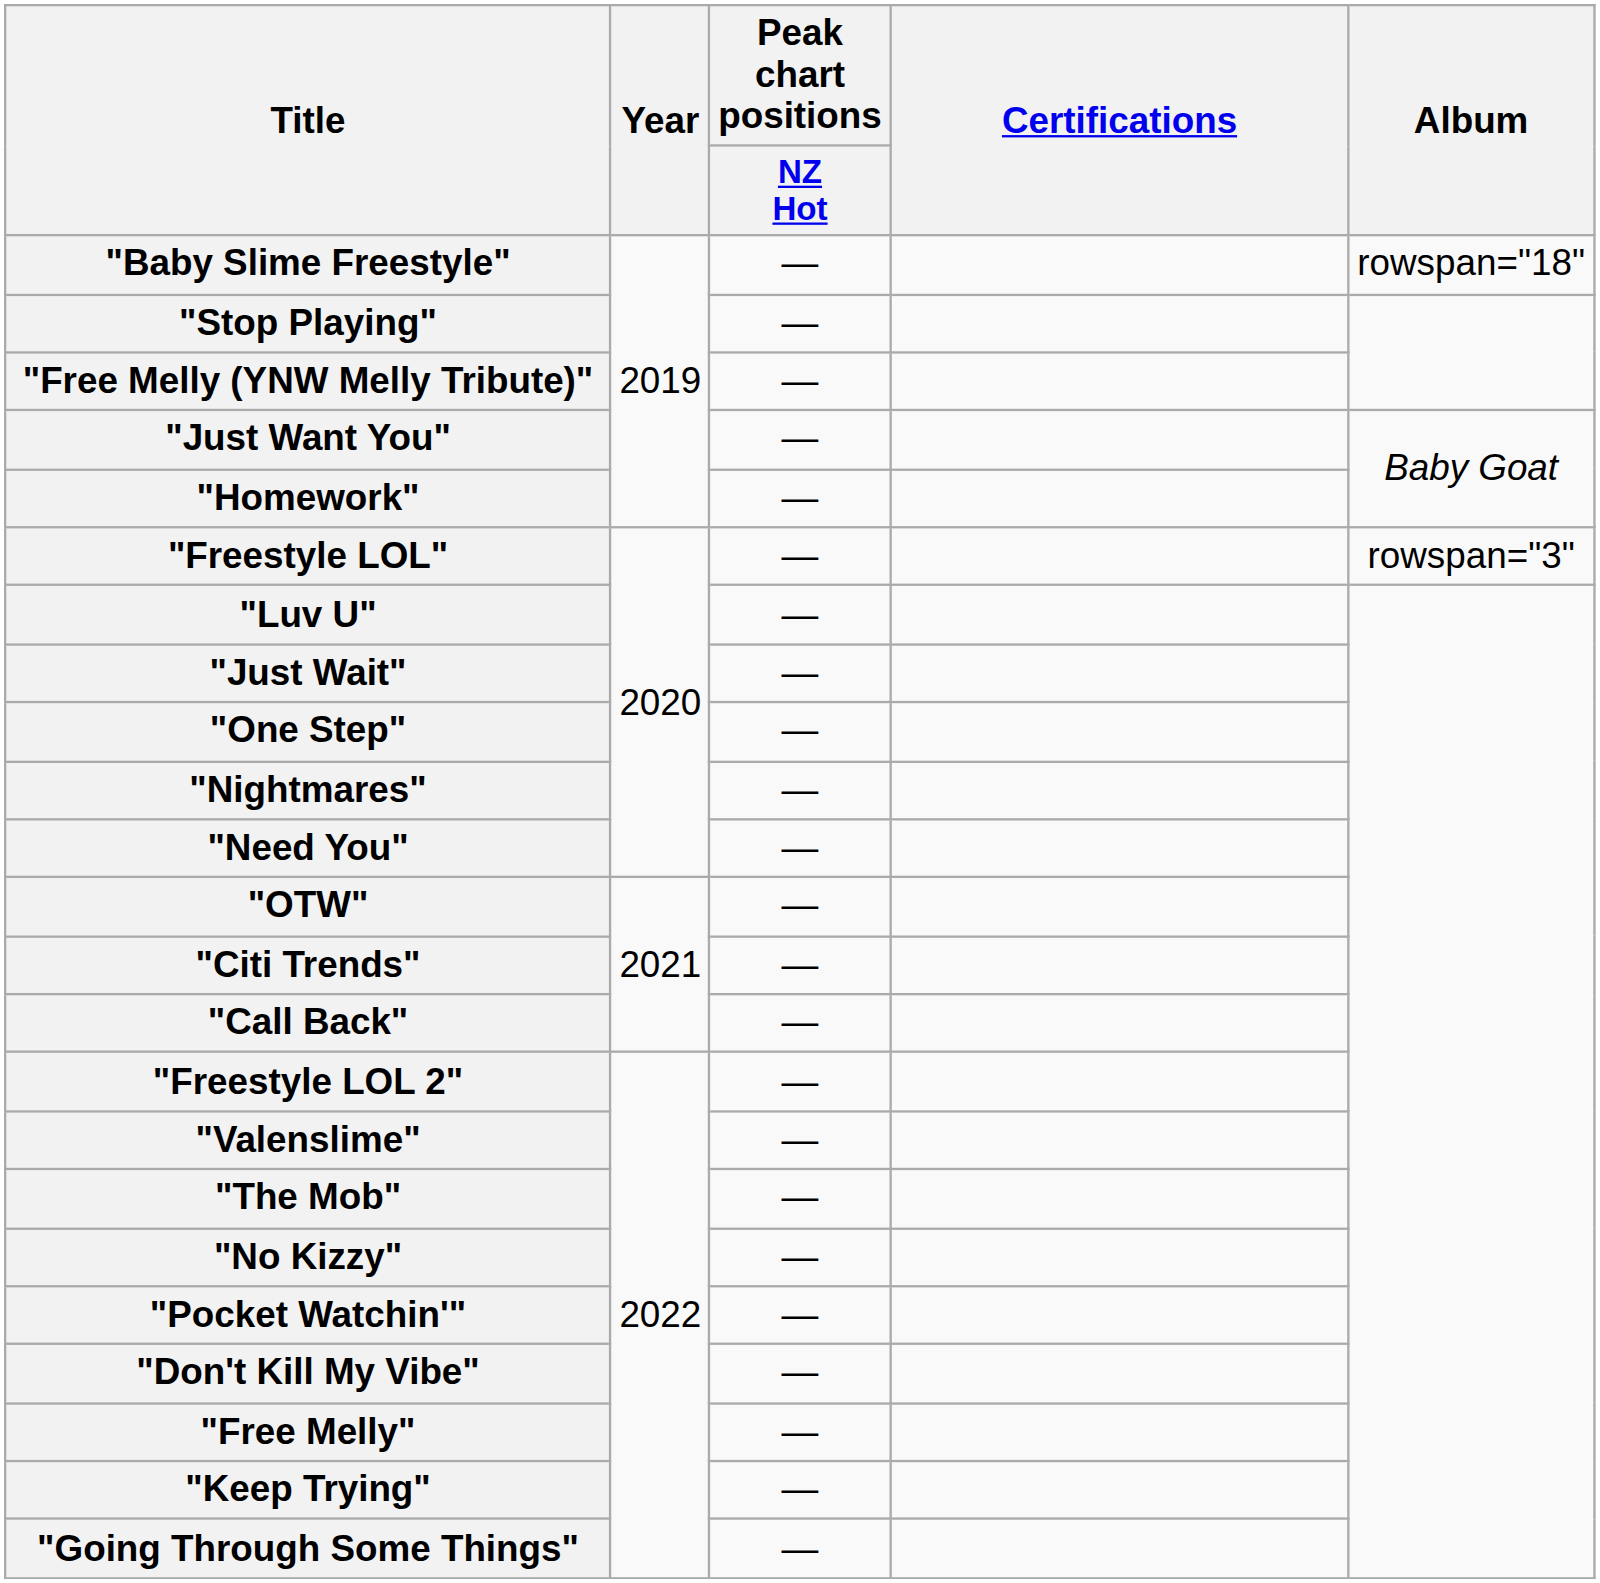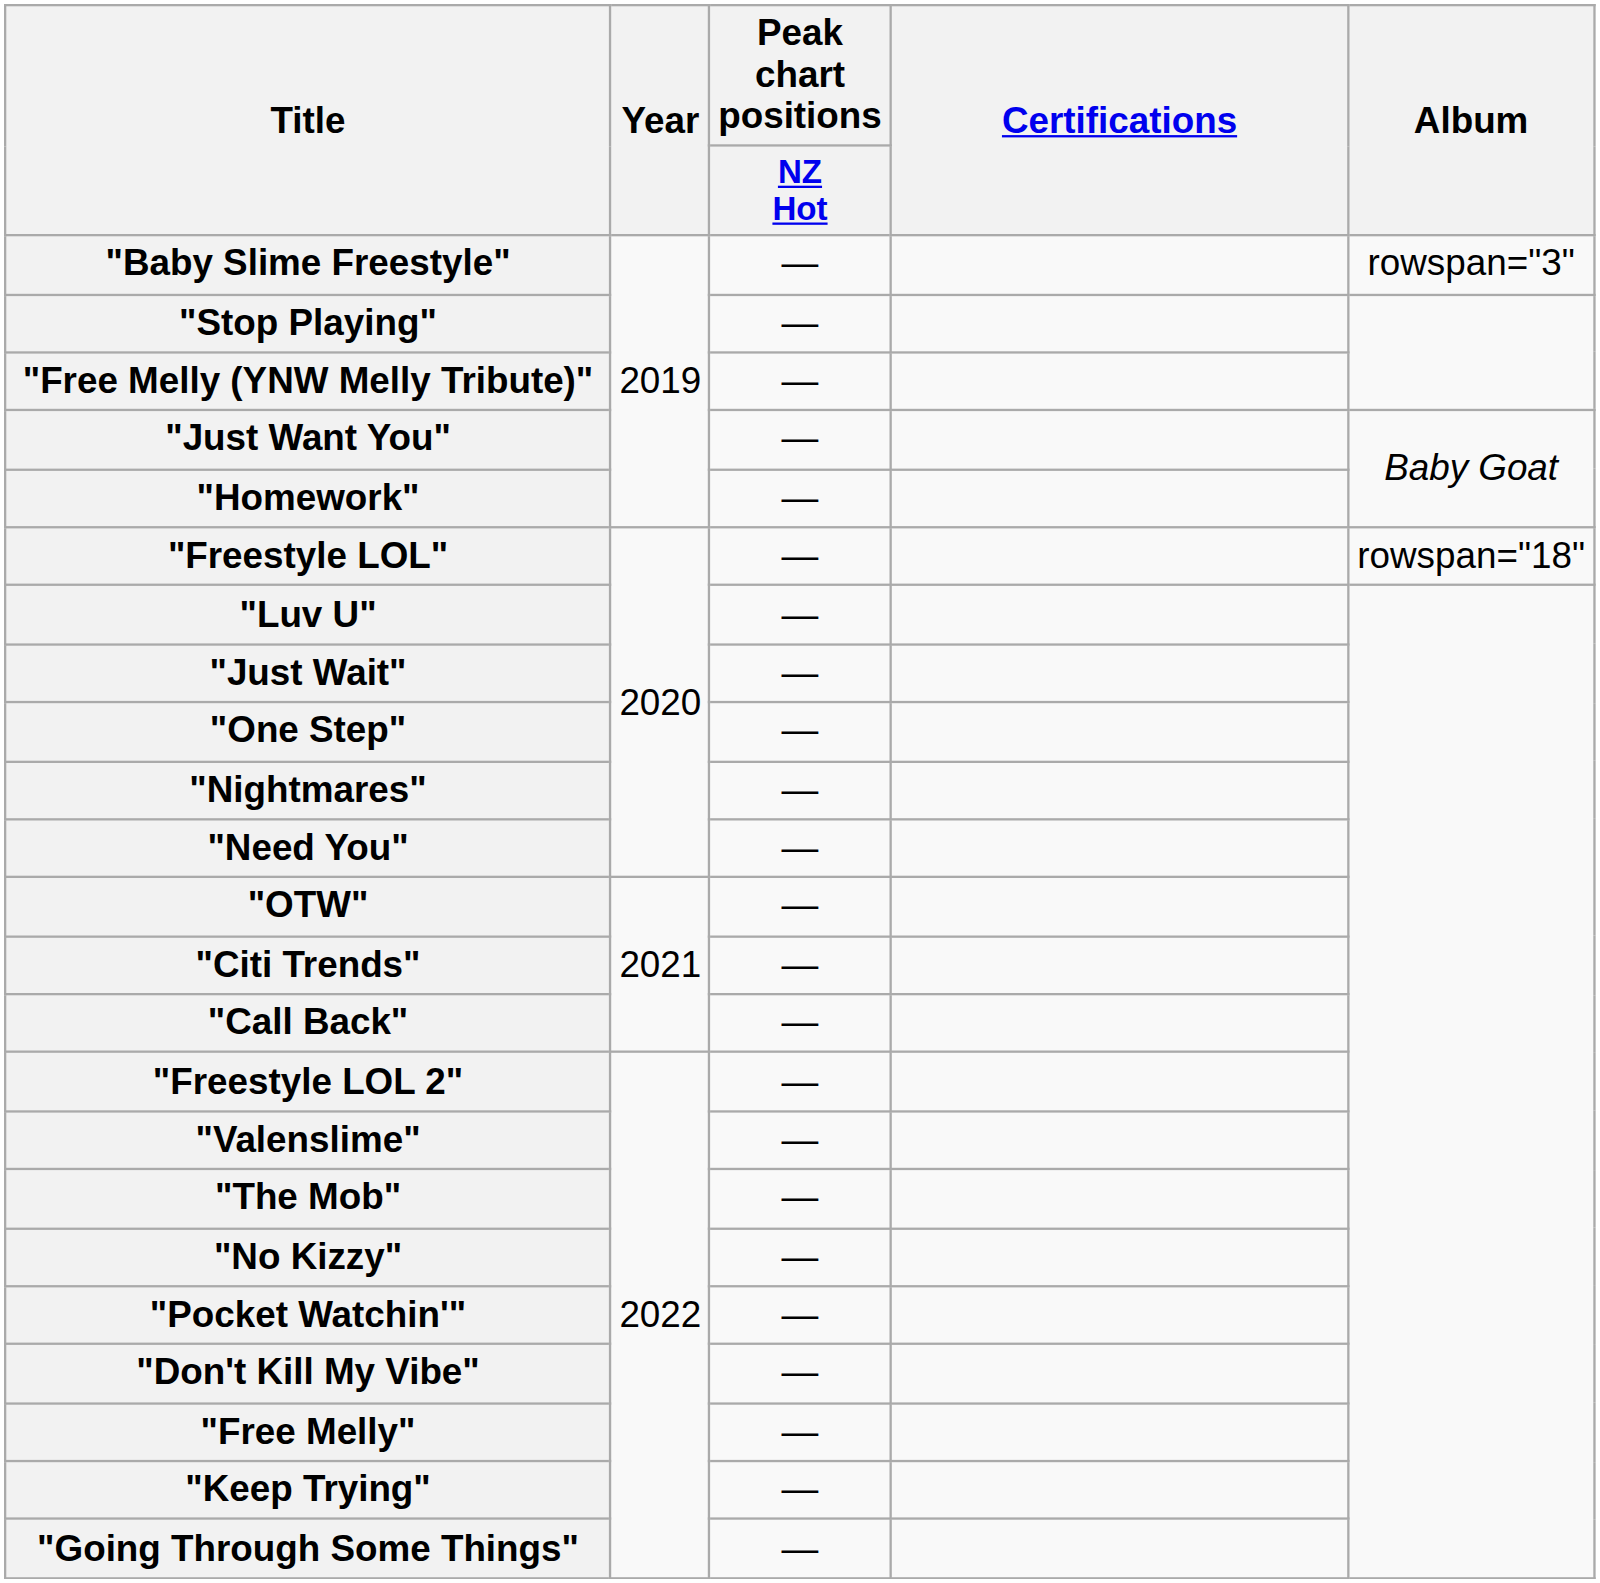 <table class="wikitable plainrowheaders" style="text-align:center;">
 <tr>
 <th scope="col" rowspan="2" style="width:16em;">Title</th>
 <th scope="col" rowspan="2">Year</th>
 <th colspan="1">Peak chart positions</th>
 <th scope="col" rowspan="2" style="width:12em;"><a href='#'>Certifications</a></th>
 <th scope="col" rowspan="2">Album</th>
 </tr>
 <tr>
 <th scope="col" style="width:3em;font-size:90%;"><a href='#'>NZ<br>Hot</a><br></th>
 </tr>
 <tr>
 <th scope="row">"Baby Slime Freestyle"</th>
 <td rowspan="5">2019</td>
 <td>—</td>
 <td></td>
-<td>rowspan="18" </td>
+<td>rowspan="3" </td>
 </tr>
 <tr>
 <th scope="row">"Stop Playing"</th>
 <td>—</td>
 <td></td>
 </tr>
 <tr>
 <th scope="row">"Free Melly (YNW Melly Tribute)"</th>
 <td>—</td>
 <td></td>
 </tr>
 <tr>
 <th scope="row">"Just Want You"<br></th>
 <td>—</td>
 <td></td>
 <td rowspan="2"><em>Baby Goat</em></td>
 </tr>
 <tr>
 <th scope="row">"Homework"</th>
 <td>—</td>
 <td></td>
 </tr>
 <tr>
 <th scope="row">"Freestyle LOL"</th>
 <td rowspan="6">2020</td>
 <td>—</td>
 <td></td>
-<td>rowspan="3" </td>
+<td>rowspan="18" </td>
 </tr>
 <tr>
 <th scope="row">"Luv U"</th>
 <td>—</td>
 <td></td>
 </tr>
 <tr>
 <th scope="row">"Just Wait"</th>
 <td>—</td>
 <td></td>
 </tr>
 <tr>
 <th scope="row">"One Step"<br></th>
 <td>—</td>
 <td></td>
 </tr>
 <tr>
 <th scope="row">"Nightmares"<br></th>
 <td>—</td>
 <td></td>
 </tr>
 <tr>
 <th scope="Row">"Need You"</th>
 <td>—</td>
 <td></td>
 </tr>
 <tr>
 <th scope="row">"OTW"</th>
 <td rowspan="3">2021</td>
 <td>—</td>
 <td></td>
 </tr>
 <tr>
 <th scope="row">"Citi Trends"<br></th>
 <td>—</td>
 <td></td>
 </tr>
 <tr>
 <th scope="row">"Call Back"</th>
 <td>—</td>
 <td></td>
 </tr>
 <tr>
 <th scope="row">"Freestyle LOL 2"</th>
 <td rowspan="9">2022</td>
 <td>—</td>
 <td></td>
 </tr>
 <tr>
 <th scope="row">"Valenslime"</th>
 <td>—</td>
 <td></td>
 </tr>
 <tr>
 <th scope="row">"The Mob"<br></th>
 <td>—</td>
 <td></td>
 </tr>
 <tr>
 <th scope="row">"No Kizzy"<br></th>
 <td>—</td>
 <td></td>
 </tr>
 <tr>
 <th scope="row">"Pocket Watchin'"</th>
 <td>—</td>
 <td></td>
 </tr>
 <tr>
 <th Scope="row">"Don't Kill My Vibe"</th>
 <td>—</td>
 <td></td>
 </tr>
 <tr>
 <th scope="row">"Free Melly"<br></th>
 <td>—</td>
 <td></td>
 </tr>
 <tr>
 <th Scope="row">"Keep Trying"<br></th>
 <td>—</td>
 <td></td>
 </tr>
 <tr>
 <th scope="row">"Going Through Some Things"</th>
 <td>—</td>
 <td></td>
 </tr>
 </table>
